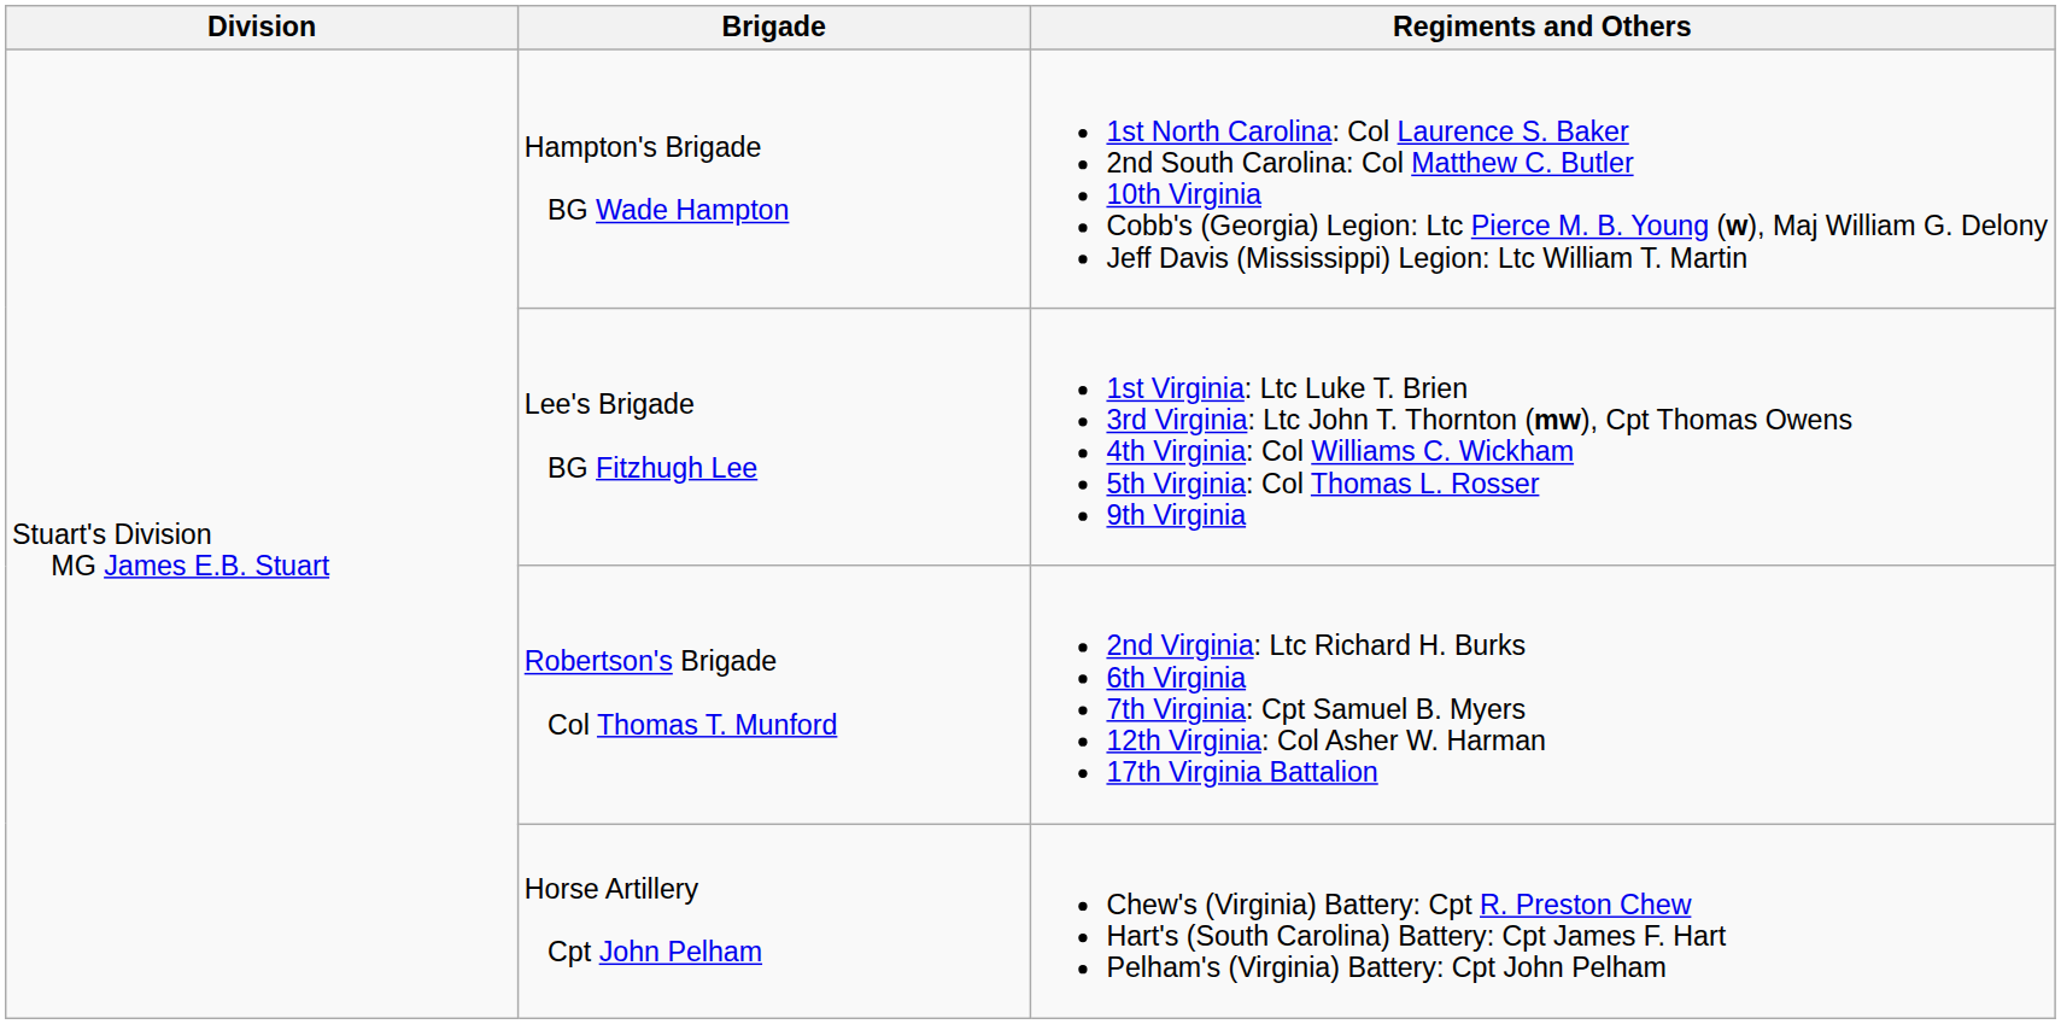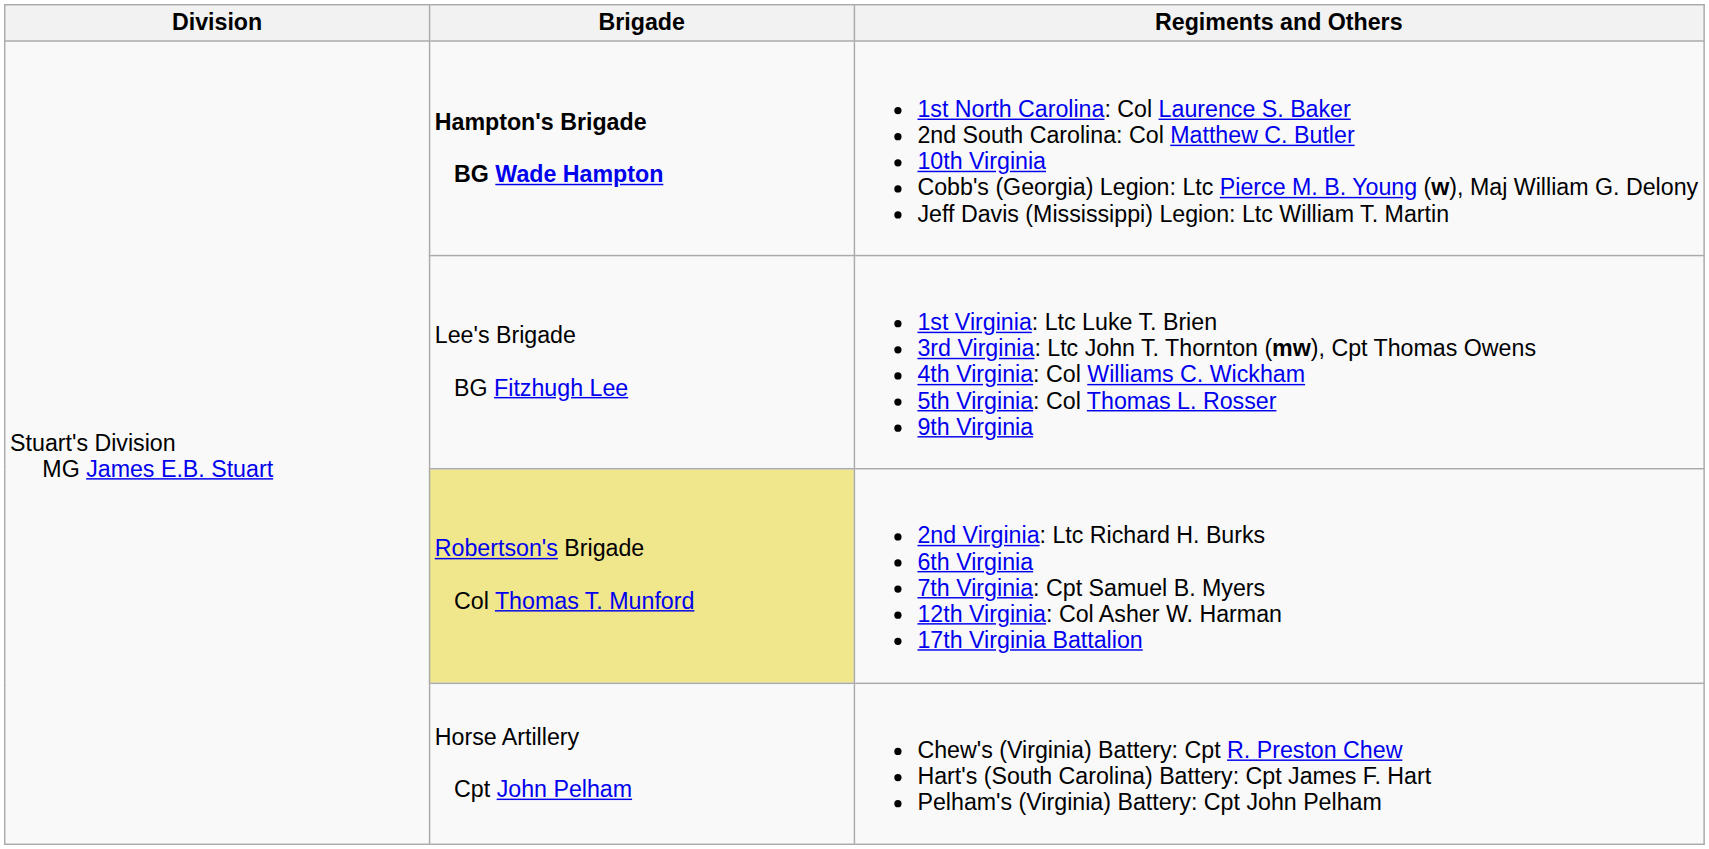 <table class="wikitable">
 <tr>
 <th width=25%>Division</th>
 <th width=25%>Brigade</th>
 <th>Regiments and Others</th>
 </tr>
 <tr>
 <td rowspan=5><br>Stuart's Division <br>     MG <a href='#'>James E.B. Stuart</a></td>
-<td>Hampton's Brigade<br><br>   BG <a href='#'>Wade Hampton</a></td>
+<td><strong>Hampton's Brigade<br><br>   BG <a href='#'>Wade Hampton</a></strong></td>
 <td><br><ul><li><a href='#'>1st North Carolina</a>: Col <a href='#'>Laurence S. Baker</a></li><li>2nd South Carolina: Col <a href='#'>Matthew C. Butler</a></li><li><a href='#'>10th Virginia</a></li><li>Cobb's (Georgia) Legion: Ltc <a href='#'>Pierce M. B. Young</a> (<strong>w</strong>), Maj William G. Delony</li><li>Jeff Davis (Mississippi) Legion: Ltc William T. Martin</li></ul></td>
 </tr>
 <tr>
 <td>Lee's Brigade<br><br>   BG <a href='#'>Fitzhugh Lee</a></td>
 <td><br><ul><li><a href='#'>1st Virginia</a>: Ltc Luke T. Brien</li><li><a href='#'>3rd Virginia</a>: Ltc John T. Thornton (<strong>mw</strong>), Cpt Thomas Owens</li><li><a href='#'>4th Virginia</a>: Col <a href='#'>Williams C. Wickham</a></li><li><a href='#'>5th Virginia</a>: Col <a href='#'>Thomas L. Rosser</a></li><li><a href='#'>9th Virginia</a></li></ul></td>
 </tr>
 <tr>
-<td><a href='#'>Robertson's</a> Brigade<br><br>   Col <a href='#'>Thomas T. Munford</a></td>
+<td style="background: khaki;"><a href='#'>Robertson's</a> Brigade<br><br>   Col <a href='#'>Thomas T. Munford</a></td>
 <td><br><ul><li><a href='#'>2nd Virginia</a>: Ltc Richard H. Burks</li><li><a href='#'>6th Virginia</a></li><li><a href='#'>7th Virginia</a>: Cpt Samuel B. Myers</li><li><a href='#'>12th Virginia</a>: Col Asher W. Harman</li><li><a href='#'>17th Virginia Battalion</a></li></ul></td>
 </tr>
 <tr>
 <td>Horse Artillery<br><br>   Cpt <a href='#'>John Pelham</a></td>
 <td><br><ul><li>Chew's (Virginia) Battery: Cpt <a href='#'>R. Preston Chew</a></li><li>Hart's (South Carolina) Battery: Cpt James F. Hart</li><li>Pelham's (Virginia) Battery: Cpt John Pelham</li></ul></td>
 </tr>
 </table>
